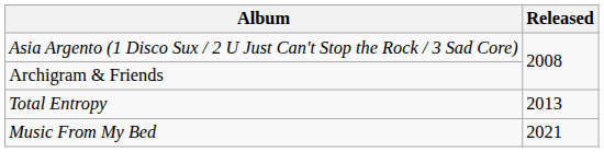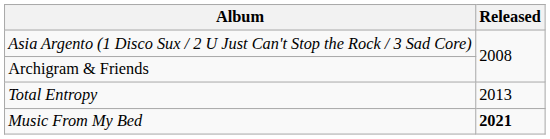 <table class="wikitable" style="padding: 10px;">
 <tr>
 <th>Album</th>
 <th>Released</th>
 </tr>
 <tr>
 <td><em>Asia Argento (1 Disco Sux / 2 U Just Can't Stop the Rock / 3 Sad Core)</em></td>
 <td rowspan="2">2008</td>
 </tr>
 <tr>
 <td>Archigram & Friends</td>
 </tr>
 <tr>
 <td><em>Total Entropy</em></td>
 <td>2013</td>
 </tr>
 <tr>
 <td><em>Music From My Bed</em></td>
-<td>2021</td>
+<td><strong>2021</strong></td>
 </tr>
 </table>
